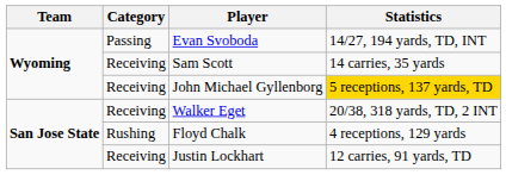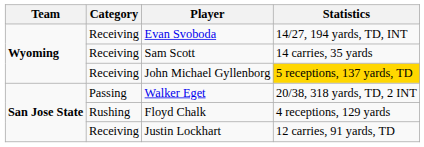 <table class="wikitable" style="float: right;">
 <tr>
 <th>Team</th>
 <th>Category</th>
 <th>Player</th>
 <th>Statistics</th>
 </tr>
 <tr>
 <td rowspan=3><strong>Wyoming</strong></td>
-<td>Passing</td>
+<td>Receiving</td>
 <td><a href='#'>Evan Svoboda</a></td>
 <td>14/27, 194 yards, TD, INT</td>
 </tr>
 <tr>
 <td>Receiving</td>
 <td>Sam Scott</td>
 <td>14 carries, 35 yards</td>
 </tr>
 <tr>
 <td>Receiving</td>
 <td>John Michael Gyllenborg</td>
 <td style="background: gold;">5 receptions, 137 yards, TD</td>
 </tr>
 <tr>
 <td rowspan=3><strong>San Jose State</strong></td>
-<td>Receiving</td>
+<td>Passing</td>
 <td><a href='#'>Walker Eget</a></td>
 <td>20/38, 318 yards, TD, 2 INT</td>
 </tr>
 <tr>
 <td>Rushing</td>
 <td>Floyd Chalk</td>
 <td>4 receptions, 129 yards</td>
 </tr>
 <tr>
 <td>Receiving</td>
 <td>Justin Lockhart</td>
 <td>12 carries, 91 yards, TD</td>
 </tr>
 </table>
